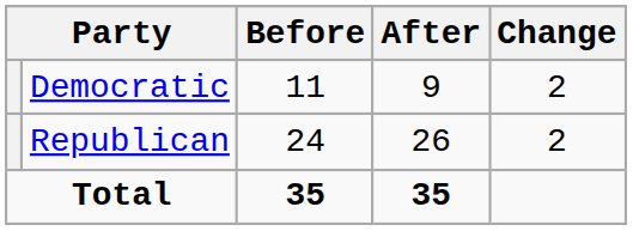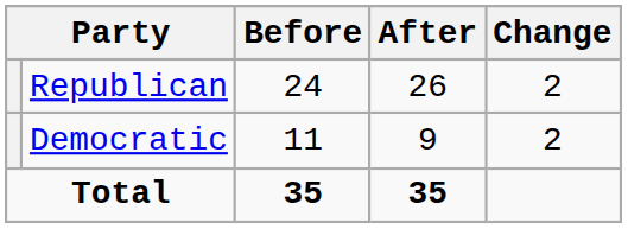 <table class="wikitable" style="text-align:center;">
 <tr>
 </tr>
 <tr>
 <th colspan=2>Party</th>
 <th>Before</th>
 <th>After</th>
 <th>Change</th>
 </tr>
 <tr>
 <th style="background-color:"></th>
-<td style="text-align:left;"><a href='#'>Democratic</a></td>
-<td>11</td>
-<td>9</td>
+<td style="text-align:left;"><a href='#'>Republican</a></td>
+<td>24</td>
+<td>26</td>
 <td> 2</td>
 </tr>
 <tr>
 <th style="background-color:"></th>
-<td style="text-align:left;"><a href='#'>Republican</a></td>
-<td>24</td>
-<td>26</td>
+<td style="text-align:left;"><a href='#'>Democratic</a></td>
+<td>11</td>
+<td>9</td>
 <td> 2</td>
 </tr>
 <tr>
 <td colspan=2><strong>Total</strong></td>
 <td><strong>35</strong></td>
 <td><strong>35</strong></td>
 <td></td>
 </tr>
 </table>
